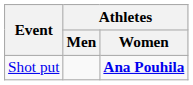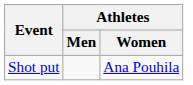 <table class=wikitable style="font-size:90%">
 <tr>
 <th rowspan=2>Event</th>
 <th colspan=2>Athletes</th>
 </tr>
 <tr>
 <th>Men</th>
 <th>Women</th>
 </tr>
 <tr>
 <td><a href='#'>Shot put</a></td>
 <td></td>
-<td><strong><a href='#'>Ana Pouhila</a></strong></td>
+<td><a href='#'>Ana Pouhila</a></td>
 </tr>
 </table>
